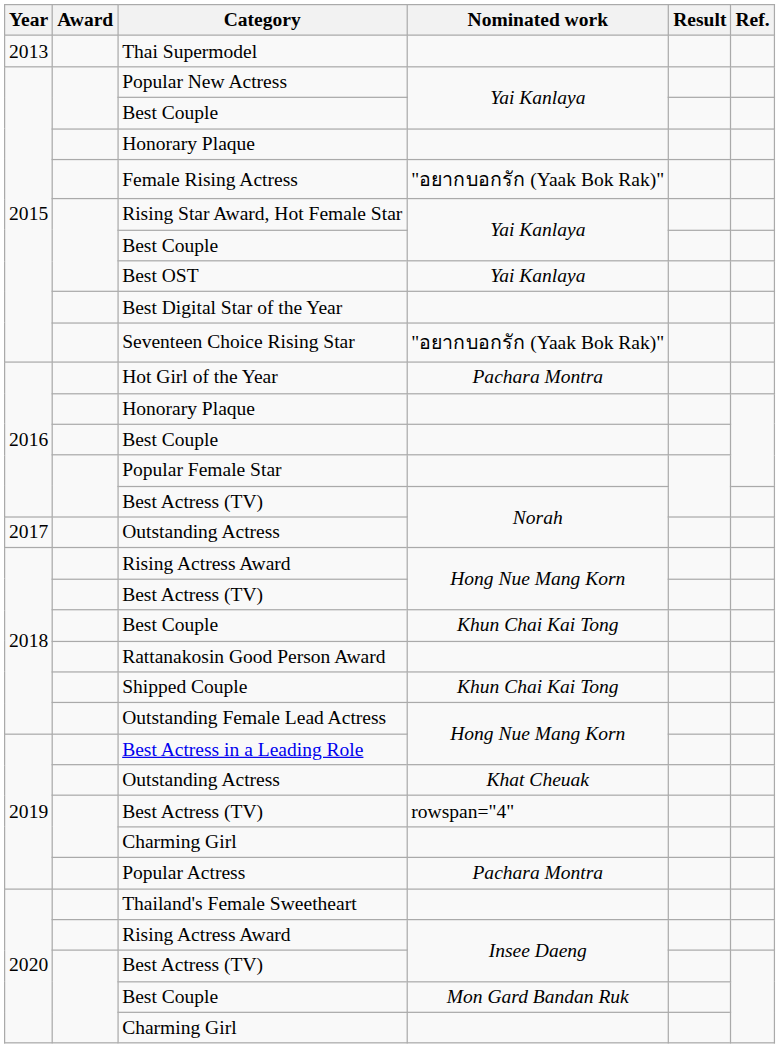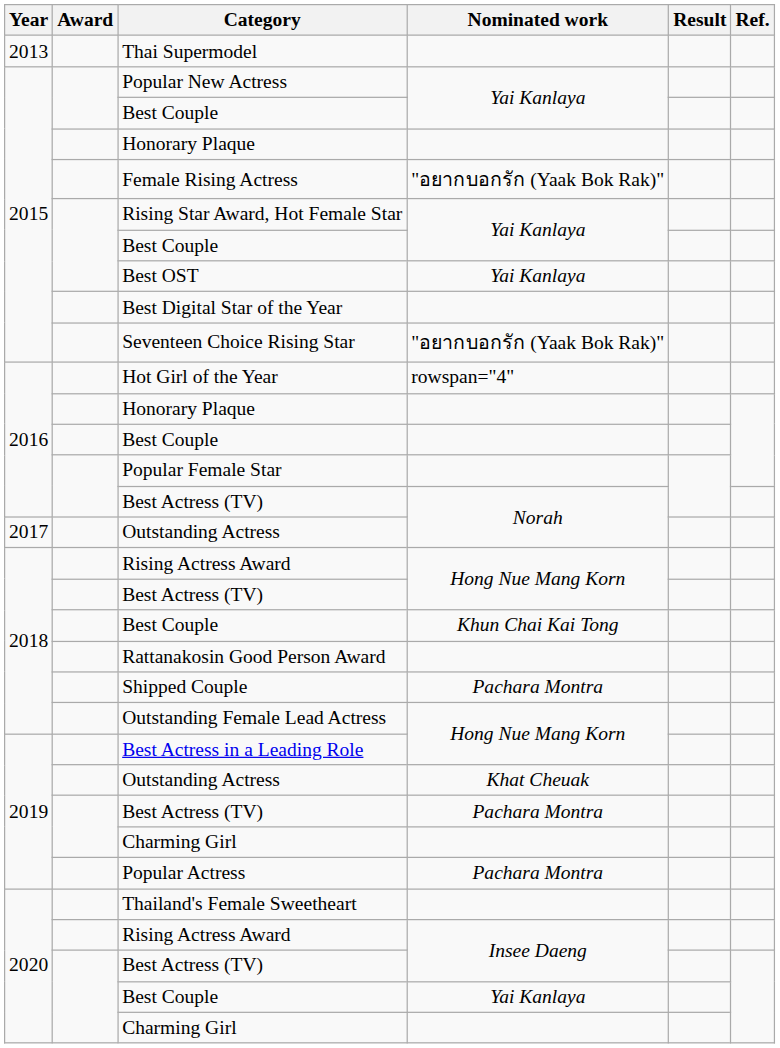 <table class="wikitable">
 <tr>
 <th>Year</th>
 <th>Award</th>
 <th>Category</th>
 <th>Nominated work</th>
 <th>Result</th>
 <th>Ref.</th>
 </tr>
 <tr>
 <td>2013</td>
 <td></td>
 <td>Thai Supermodel</td>
 <td></td>
 <td></td>
 <td></td>
 </tr>
 <tr>
 <td rowspan="9">2015</td>
 <td rowspan="2"></td>
 <td>Popular New Actress</td>
 <td rowspan="2" style="text-align:center;"><em>Yai Kanlaya</em></td>
 <td></td>
 <td></td>
 </tr>
 <tr>
 <td>Best Couple </td>
 <td></td>
 <td></td>
 </tr>
 <tr>
 <td></td>
 <td>Honorary Plaque</td>
 <td></td>
 <td></td>
 <td></td>
 </tr>
 <tr>
 <td></td>
 <td>Female Rising Actress</td>
 <td style="text-align:center;">"อยากบอกรัก (Yaak Bok Rak)"</td>
 <td></td>
 <td></td>
 </tr>
 <tr>
 <td rowspan="3"></td>
 <td>Rising Star Award, Hot Female Star</td>
 <td rowspan="2" style="text-align:center;"><em>Yai Kanlaya</em></td>
 <td></td>
 <td></td>
 </tr>
 <tr>
 <td>Best Couple </td>
 <td></td>
 <td></td>
 </tr>
 <tr>
 <td>Best OST </td>
 <td style="text-align:center;"><em>Yai Kanlaya</em></td>
 <td></td>
 <td></td>
 </tr>
 <tr>
 <td></td>
 <td>Best Digital Star of the Year</td>
 <td></td>
 <td></td>
 <td></td>
 </tr>
 <tr>
 <td></td>
 <td>Seventeen Choice Rising Star</td>
 <td style="text-align:center;">"อยากบอกรัก (Yaak Bok Rak)"</td>
 <td></td>
 <td></td>
 </tr>
 <tr>
 <td rowspan="5">2016</td>
 <td></td>
 <td>Hot Girl of the Year</td>
-<td style="text-align:center"><em>Pachara Montra</em></td>
+<td>rowspan="4" </td>
 <td></td>
 <td></td>
 </tr>
 <tr>
 <td></td>
 <td>Honorary Plaque</td>
 <td></td>
 <td></td>
 </tr>
 <tr>
 <td></td>
 <td>Best Couple </td>
 <td></td>
 <td></td>
 </tr>
 <tr>
 <td rowspan="2"></td>
 <td>Popular Female Star</td>
 <td></td>
 <td rowspan="2"></td>
 </tr>
 <tr>
 <td>Best Actress (TV)</td>
 <td rowspan="2" style="text-align:center;"><em>Norah</em></td>
 <td></td>
 </tr>
 <tr>
 <td>2017</td>
 <td></td>
 <td>Outstanding Actress</td>
 <td></td>
 <td></td>
 </tr>
 <tr>
 <td rowspan="6">2018</td>
 <td></td>
 <td>Rising Actress Award</td>
 <td rowspan="2" style="text-align:center"><em>Hong Nue Mang Korn</em></td>
 <td></td>
 <td></td>
 </tr>
 <tr>
 <td></td>
 <td>Best Actress (TV)</td>
 <td></td>
 <td></td>
 </tr>
 <tr>
 <td></td>
 <td>Best Couple </td>
 <td style="text-align:center"><em>Khun Chai Kai Tong</em></td>
 <td></td>
 <td></td>
 </tr>
 <tr>
 <td></td>
 <td>Rattanakosin Good Person Award</td>
 <td></td>
 <td></td>
 <td></td>
 </tr>
 <tr>
 <td></td>
 <td>Shipped Couple  </td>
-<td style="text-align:center"><em>Khun Chai Kai Tong</em></td>
+<td style="text-align:center"><em>Pachara Montra</em></td>
 <td></td>
 <td></td>
 </tr>
 <tr>
 <td></td>
 <td>Outstanding Female Lead Actress</td>
 <td rowspan="2" style="text-align:center"><em>Hong Nue Mang Korn</em></td>
 <td></td>
 <td></td>
 </tr>
 <tr>
 <td rowspan="5">2019</td>
 <td></td>
 <td><a href='#'>Best Actress in a Leading Role</a></td>
 <td></td>
 <td></td>
 </tr>
 <tr>
 <td></td>
 <td>Outstanding Actress</td>
 <td style="text-align:center;"><em>Khat Cheuak</em></td>
 <td></td>
 <td></td>
 </tr>
 <tr>
 <td rowspan="2"></td>
 <td>Best Actress (TV)</td>
-<td>rowspan="4" </td>
+<td style="text-align:center"><em>Pachara Montra</em></td>
 <td></td>
 <td></td>
 </tr>
 <tr>
 <td>Charming Girl</td>
 <td></td>
 <td></td>
 <td></td>
 </tr>
 <tr>
 <td></td>
 <td>Popular Actress</td>
 <td style="text-align:center;"><em>Pachara Montra</em></td>
 <td></td>
 <td></td>
 </tr>
 <tr>
 <td rowspan="5">2020</td>
 <td></td>
 <td>Thailand's Female Sweetheart</td>
 <td></td>
 <td></td>
 <td></td>
 </tr>
 <tr>
 <td></td>
 <td>Rising Actress Award</td>
 <td rowspan="2" style="text-align:center"><em>Insee Daeng</em></td>
 <td></td>
 <td></td>
 </tr>
 <tr>
 <td rowspan="3"></td>
 <td>Best Actress (TV)</td>
 <td></td>
 <td rowspan="3"></td>
 </tr>
 <tr>
 <td>Best Couple </td>
-<td style="text-align:center"><em>Mon Gard Bandan Ruk</em></td>
+<td style="text-align:center;"><em>Yai Kanlaya</em></td>
 <td></td>
 </tr>
 <tr>
 <td>Charming Girl</td>
 <td></td>
 <td></td>
 </tr>
 </table>
